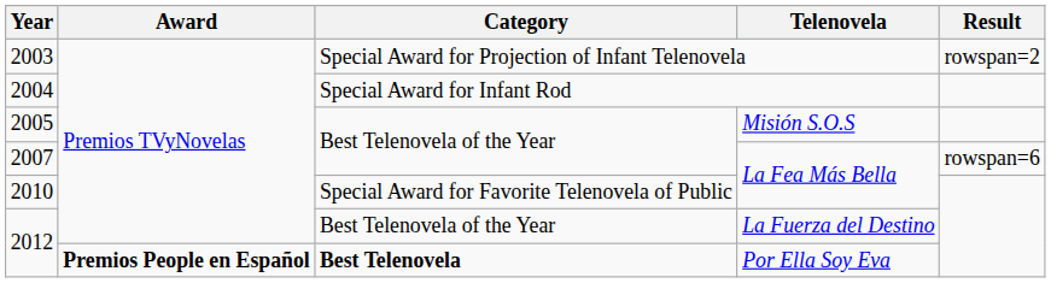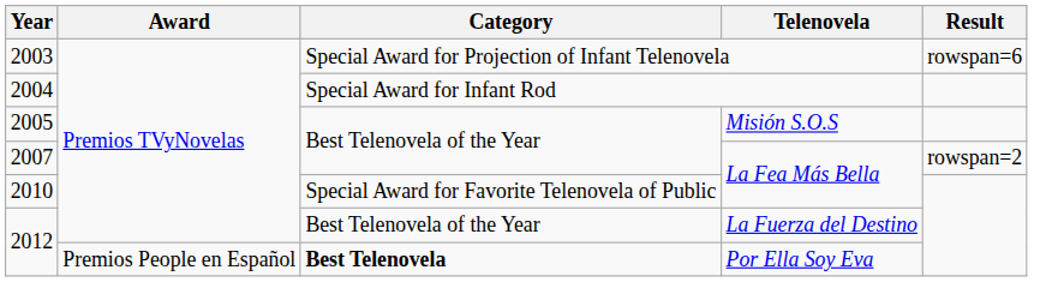 <table class="wikitable">
 <tr style="background:#b0c4de;">
 <th>Year</th>
 <th>Award</th>
 <th>Category</th>
 <th>Telenovela</th>
 <th>Result</th>
 </tr>
 <tr>
 <td>2003</td>
 <td rowspan=6><a href='#'>Premios TVyNovelas</a></td>
 <td colspan=2>Special Award for Projection of Infant Telenovela</td>
-<td>rowspan=2 </td>
+<td>rowspan=6 </td>
 </tr>
 <tr>
 <td>2004</td>
 <td colspan=2>Special Award for Infant Rod</td>
 </tr>
 <tr>
 <td>2005</td>
 <td rowspan=2>Best Telenovela of the Year</td>
 <td><em><a href='#'>Misión S.O.S</a></em></td>
 <td></td>
 </tr>
 <tr>
 <td>2007</td>
 <td rowspan=2><em><a href='#'>La Fea Más Bella</a></em></td>
-<td>rowspan=6 </td>
+<td>rowspan=2 </td>
 </tr>
 <tr>
 <td>2010</td>
 <td>Special Award for Favorite Telenovela of Public</td>
 </tr>
 <tr>
 <td rowspan=2>2012</td>
 <td>Best Telenovela of the Year</td>
 <td><em><a href='#'>La Fuerza del Destino</a></em></td>
 </tr>
 <tr>
-<td><strong>Premios People en Español</strong></td>
+<td>Premios People en Español</td>
 <td><strong>Best Telenovela</strong></td>
 <td rowspan=3><em><a href='#'>Por Ella Soy Eva</a></em></td>
 </tr>
 </table>
